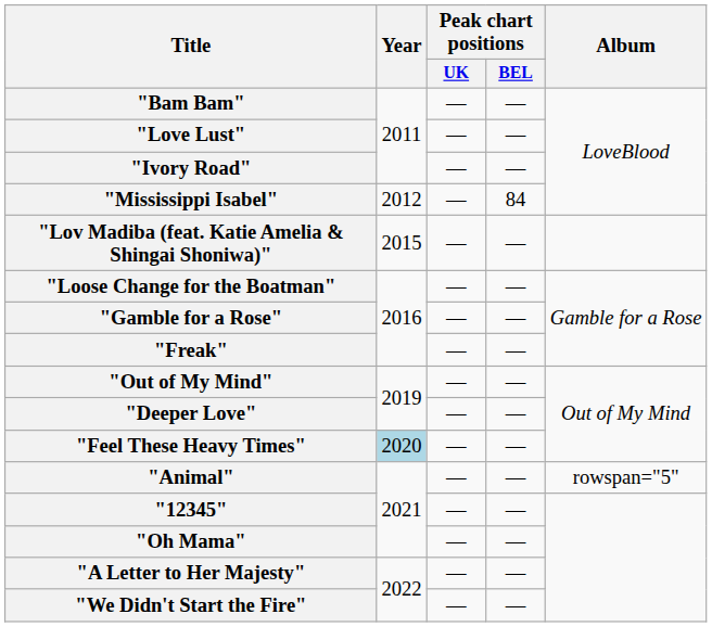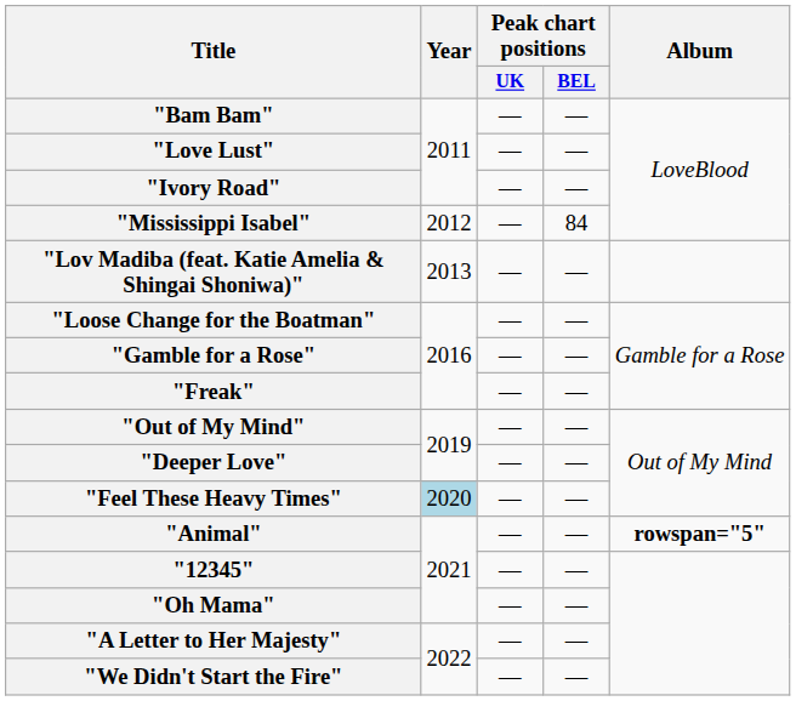 <table class="wikitable plainrowheaders" style="text-align:center;">
 <tr>
 <th scope="col" rowspan="2" style="width:18em;">Title</th>
 <th scope="col" rowspan="2">Year</th>
 <th scope="col" colspan="2">Peak chart positions</th>
 <th scope="col" rowspan="2">Album</th>
 </tr>
 <tr>
 <th style="width:3em;font-size:85%;"><a href='#'>UK</a><br></th>
 <th scope="col" style="width:3em;font-size:85%;"><a href='#'>BEL</a><br></th>
 </tr>
 <tr>
 <th scope="row">"Bam Bam"</th>
 <td rowspan="3">2011</td>
 <td>—</td>
 <td>—</td>
 <td rowspan="4"><em>LoveBlood</em></td>
 </tr>
 <tr>
 <th scope="row">"Love Lust"</th>
 <td>—</td>
 <td>—</td>
 </tr>
 <tr>
 <th scope="row">"Ivory Road"</th>
 <td>—</td>
 <td>—</td>
 </tr>
 <tr>
 <th scope="row">"Mississippi Isabel"</th>
 <td>2012</td>
 <td>—</td>
 <td>84</td>
 </tr>
 <tr>
 <th scope="row">"Lov Madiba (feat. Katie Amelia & Shingai Shoniwa)"</th>
-<td>2015</td>
+<td>2013</td>
 <td>—</td>
 <td>—</td>
 <td></td>
 </tr>
 <tr>
 <th scope="row">"Loose Change for the Boatman"</th>
 <td rowspan="3">2016</td>
 <td>—</td>
 <td>—</td>
 <td rowspan="3"><em>Gamble for a Rose</em></td>
 </tr>
 <tr>
 <th scope="row">"Gamble for a Rose"</th>
 <td>—</td>
 <td>—</td>
 </tr>
 <tr>
 <th scope="row">"Freak"</th>
 <td>—</td>
 <td>—</td>
 </tr>
 <tr>
 <th scope="row">"Out of My Mind"</th>
 <td rowspan="2">2019</td>
 <td>—</td>
 <td>—</td>
 <td rowspan="3"><em>Out of My Mind</em></td>
 </tr>
 <tr>
 <th scope="row">"Deeper Love"</th>
 <td>—</td>
 <td>—</td>
 </tr>
 <tr>
 <th scope="row">"Feel These Heavy Times"</th>
 <td style="background: lightblue;">2020</td>
 <td>—</td>
 <td>—</td>
 </tr>
 <tr>
 <th scope="row">"Animal"</th>
 <td rowspan="3">2021</td>
 <td>—</td>
 <td>—</td>
-<td>rowspan="5" </td>
+<td><strong>rowspan="5" </strong></td>
 </tr>
 <tr>
 <th scope="row">"12345"</th>
 <td>—</td>
 <td>—</td>
 </tr>
 <tr>
 <th scope="row">"Oh Mama"</th>
 <td>—</td>
 <td>—</td>
 </tr>
 <tr>
 <th scope="row">"A Letter to Her Majesty"</th>
 <td rowspan="2">2022</td>
 <td>—</td>
 <td>—</td>
 </tr>
 <tr>
 <th scope="row">"We Didn't Start the Fire"</th>
 <td>—</td>
 <td>—</td>
 </tr>
 </table>
